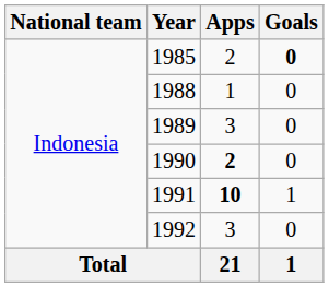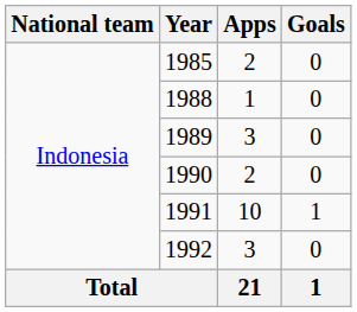 <table class="wikitable" style="text-align:center">
 <tr>
 <th>National team</th>
 <th>Year</th>
 <th>Apps</th>
 <th>Goals</th>
 </tr>
 <tr>
 <td rowspan="6"><a href='#'>Indonesia</a></td>
 <td>1985</td>
 <td>2</td>
-<td><strong>0</strong></td>
+<td>0</td>
 </tr>
 <tr>
 <td>1988</td>
 <td>1</td>
 <td>0</td>
 </tr>
 <tr>
 <td>1989</td>
 <td>3</td>
 <td>0</td>
 </tr>
 <tr>
 <td>1990</td>
-<td><strong>2</strong></td>
+<td>2</td>
 <td>0</td>
 </tr>
 <tr>
 <td>1991</td>
-<td><strong>10</strong></td>
+<td>10</td>
 <td>1</td>
 </tr>
 <tr>
 <td>1992</td>
 <td>3</td>
 <td>0</td>
 </tr>
 <tr>
 <th colspan="2">Total</th>
 <th>21</th>
 <th>1</th>
 </tr>
 </table>
